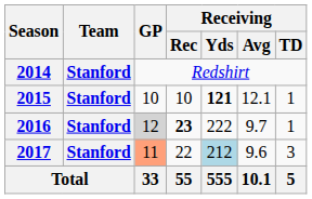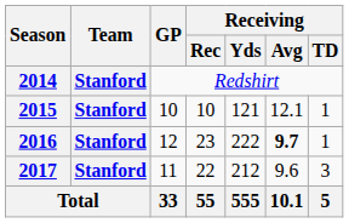 <table class="wikitable" style="text-align:center;">
 <tr>
 <th rowspan="2">Season</th>
 <th rowspan="2">Team</th>
 <th rowspan="2">GP</th>
 <th colspan="4">Receiving</th>
 </tr>
 <tr>
 <th>Rec</th>
 <th>Yds</th>
 <th>Avg</th>
 <th>TD</th>
 </tr>
 <tr>
 <th><a href='#'>2014</a></th>
 <th><a href='#'>Stanford</a></th>
 <td colspan="5"> <em><a href='#'>Redshirt</a></em></td>
 </tr>
 <tr>
 <th><a href='#'>2015</a></th>
 <th><a href='#'>Stanford</a></th>
 <td>10</td>
 <td>10</td>
-<td><strong>121</strong></td>
+<td>121</td>
 <td>12.1</td>
 <td>1</td>
 </tr>
 <tr>
 <th><a href='#'>2016</a></th>
 <th><a href='#'>Stanford</a></th>
-<td style="background: lightgrey;">12</td>
-<td><strong>23</strong></td>
+<td>12</td>
+<td>23</td>
 <td>222</td>
-<td>9.7</td>
+<td><strong>9.7</strong></td>
 <td>1</td>
 </tr>
 <tr>
 <th><a href='#'>2017</a></th>
 <th><a href='#'>Stanford</a></th>
-<td style="background: lightsalmon;">11</td>
+<td>11</td>
 <td>22</td>
-<td style="background: lightblue;">212</td>
+<td>212</td>
 <td>9.6</td>
 <td>3</td>
 </tr>
 <tr>
 <th colspan="2">Total</th>
 <th>33</th>
 <th>55</th>
 <th>555</th>
 <th>10.1</th>
 <th>5</th>
 </tr>
 </table>
